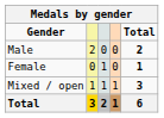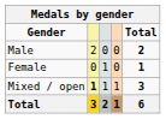 <table class="wikitable" style="text-align:center;font-size:90%">
 <tr style="background:#efefef;">
 <th colspan=7><strong>Medals by gender</strong></th>
 </tr>
 <tr>
 <td><strong>Gender</strong></td>
 <td bgcolor=#f7f6a8></td>
 <td bgcolor=#dce5e5></td>
 <td bgcolor=#ffdab9></td>
 <td><strong>Total</strong></td>
 </tr>
 <tr>
 <td style="text-align:left;">Male</td>
 <td style="background:#F7F6A8;">2</td>
 <td style="background:#DCE5E5;">0</td>
 <td style="background:#FFDAB9;">0</td>
 <td><strong>2</strong></td>
 </tr>
 <tr>
 <td style="text-align:left;">Female</td>
 <td style="background:#F7F6A8;">0</td>
 <td style="background:#DCE5E5;">1</td>
 <td style="background:#FFDAB9;">0</td>
 <td><strong>1</strong></td>
 </tr>
 <tr>
 <td style="text-align:left;">Mixed / open</td>
-<td style="background:#F7F6A8;">1</td>
+<td style="background:#F7F6A8;"><strong>1</strong></td>
 <td style="background:#DCE5E5;">1</td>
 <td style="background:#FFDAB9;">1</td>
 <td><strong>3</strong></td>
 </tr>
 <tr>
 <th style="text-align:left;"><strong>Total</strong></th>
 <th style="background:gold;"><strong>3</strong></th>
 <th style="background:silver;"><strong>2</strong></th>
 <th style="background:#c96;"><strong>1</strong></th>
 <th><strong>6</strong></th>
 </tr>
 </table>
